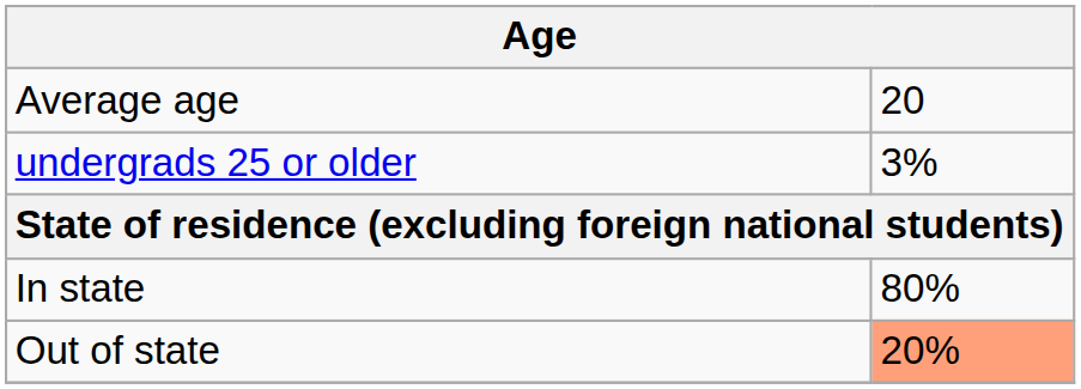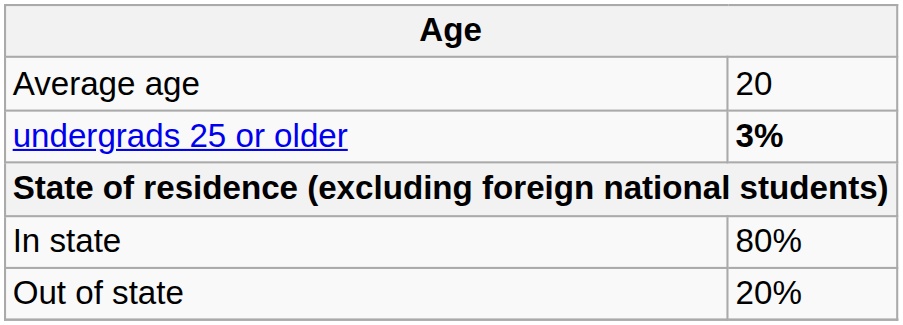 <table class="wikitable floatright sortable collapsible">
 <tr>
 <th colspan="4" data-sort-type="number">Age  </th>
 </tr>
 <tr>
 <td>Average age</td>
 <td>20</td>
 </tr>
 <tr>
 <td><a href='#'>undergrads 25 or older</a></td>
-<td>3%</td>
+<td><strong>3%</strong></td>
 </tr>
 <tr>
 <th colspan="4" data-sort-type="number">State of residence (excluding foreign national students)</th>
 </tr>
 <tr>
 <td>In state</td>
 <td>80%</td>
 </tr>
 <tr>
 <td>Out of state</td>
-<td style="background: lightsalmon;">20%</td>
+<td>20%</td>
 </tr>
 <tr>
 </tr>
 </table>
